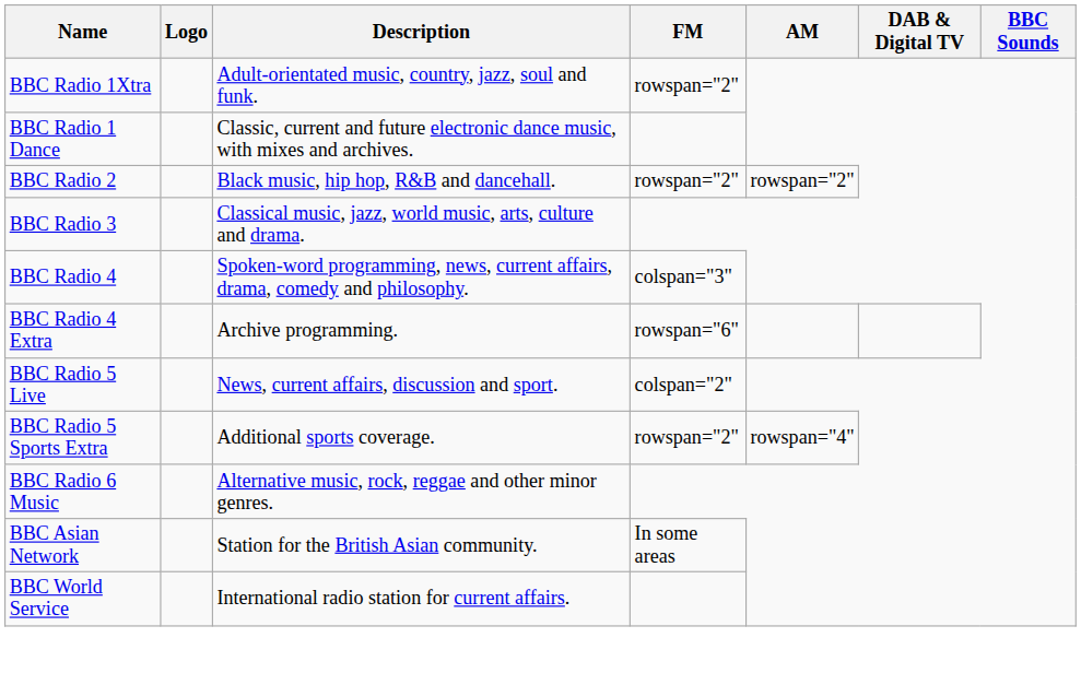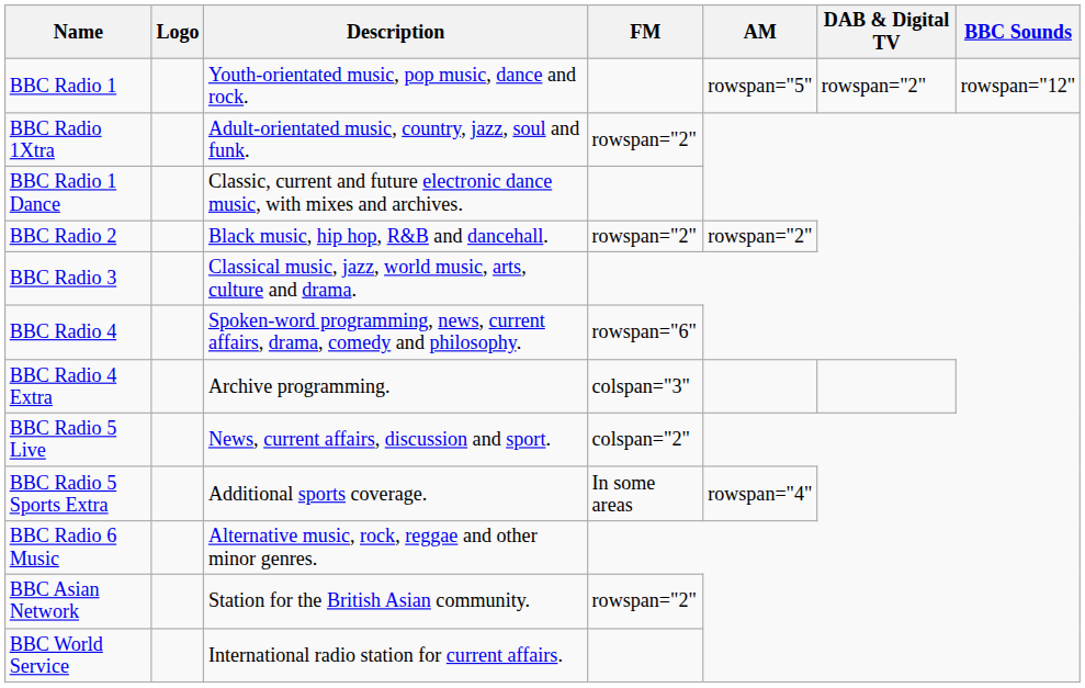 <table class="wikitable sortable">
 <tr>
 <th>Name</th>
 <th>Logo</th>
 <th>Description</th>
 <th>FM</th>
 <th>AM</th>
 <th>DAB & Digital TV</th>
 <th><a href='#'>BBC Sounds</a></th>
+</tr>
+<tr>
+<td><a href='#'>BBC Radio 1</a></td>
+<td></td>
+<td><a href='#'>Youth-orientated music</a>, <a href='#'>pop music</a>, <a href='#'>dance</a> and <a href='#'>rock</a>.</td>
+<td></td>
+<td>rowspan="5" </td>
+<td>rowspan="2" </td>
+<td>rowspan="12" </td>
 </tr>
 <tr>
 <td><a href='#'>BBC Radio 1Xtra</a></td>
 <td></td>
 <td><a href='#'>Adult-orientated music</a>, <a href='#'>country</a>, <a href='#'>jazz</a>, <a href='#'>soul</a> and <a href='#'>funk</a>.</td>
 <td>rowspan="2" </td>
 </tr>
 <tr>
 <td><a href='#'>BBC Radio 1 Dance</a></td>
 <td></td>
 <td>Classic, current and future <a href='#'>electronic dance music</a>, with mixes and archives.</td>
 <td></td>
 </tr>
 <tr>
 <td><a href='#'>BBC Radio 2</a></td>
 <td></td>
 <td><a href='#'>Black music</a>, <a href='#'>hip hop</a>, <a href='#'>R&B</a> and <a href='#'>dancehall</a>.</td>
 <td>rowspan="2" </td>
 <td>rowspan="2" </td>
 </tr>
 <tr>
 <td><a href='#'>BBC Radio 3</a></td>
 <td></td>
 <td><a href='#'>Classical music</a>, <a href='#'>jazz</a>, <a href='#'>world music</a>, <a href='#'>arts</a>, <a href='#'>culture</a> and <a href='#'>drama</a>.</td>
 </tr>
 <tr>
 <td><a href='#'>BBC Radio 4</a></td>
 <td></td>
 <td><a href='#'>Spoken-word programming</a>, <a href='#'>news</a>, <a href='#'>current affairs</a>, <a href='#'>drama</a>, <a href='#'>comedy</a> and <a href='#'>philosophy</a>.</td>
-<td>colspan="3" </td>
+<td>rowspan="6" </td>
 </tr>
 <tr>
 <td><a href='#'>BBC Radio 4 Extra</a></td>
 <td></td>
 <td>Archive programming.</td>
-<td>rowspan="6" </td>
+<td>colspan="3" </td>
 <td></td>
 <td></td>
 </tr>
 <tr>
 <td><a href='#'>BBC Radio 5 Live</a></td>
 <td></td>
 <td><a href='#'>News</a>, <a href='#'>current affairs</a>, <a href='#'>discussion</a> and <a href='#'>sport</a>.</td>
 <td>colspan="2" </td>
 </tr>
 <tr>
 <td><a href='#'>BBC Radio 5 Sports Extra</a></td>
 <td></td>
 <td>Additional <a href='#'>sports</a> coverage.</td>
-<td>rowspan="2" </td>
+<td>In some areas</td>
 <td>rowspan="4" </td>
 </tr>
 <tr>
 <td><a href='#'>BBC Radio 6 Music</a></td>
 <td></td>
 <td><a href='#'>Alternative music</a>, <a href='#'>rock</a>, <a href='#'>reggae</a> and other minor genres.</td>
 </tr>
 <tr>
 <td><a href='#'>BBC Asian Network</a></td>
 <td></td>
 <td>Station for the <a href='#'>British Asian</a> community.</td>
-<td>In some areas</td>
+<td>rowspan="2" </td>
 </tr>
 <tr>
 <td><a href='#'>BBC World Service</a></td>
 <td></td>
 <td>International radio station for <a href='#'>current affairs</a>.</td>
 <td></td>
 </tr>
 </table>
